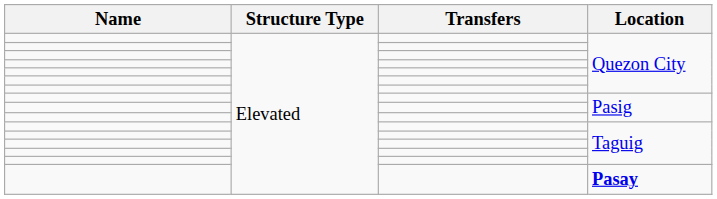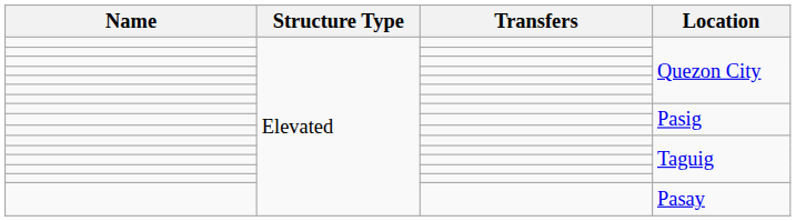 <table class="wikitable">
 <tr>
 <th width="190px">Name</th>
 <th width="120px">Structure Type</th>
 <th width="175px">Transfers</th>
 <th width="100px">Location</th>
 </tr>
 <tr>
 <td><em></em></td>
 <td rowspan="17">Elevated</td>
 <td> </td>
 <td rowspan="7"><a href='#'>Quezon City</a></td>
 </tr>
 <tr>
 <td><em></em></td>
 <td></td>
 </tr>
 <tr>
 <td><em></em></td>
 <td></td>
 </tr>
 <tr>
 <td><em></em></td>
 <td> </td>
 </tr>
 <tr>
 <td><em></em></td>
 <td></td>
 </tr>
 <tr>
 <td><em></em></td>
 <td></td>
 </tr>
 <tr>
 <td><em></em></td>
 <td></td>
 </tr>
 <tr>
 <td><em></em></td>
 <td> </td>
 <td rowspan="3"><a href='#'>Pasig</a></td>
 </tr>
 <tr>
 <td><em></em></td>
 <td></td>
 </tr>
 <tr>
 <td><em></em></td>
 <td></td>
 </tr>
 <tr>
 <td><em></em></td>
 <td></td>
 <td rowspan="5"><a href='#'>Taguig</a></td>
 </tr>
 <tr>
 <td><em></em></td>
 <td></td>
 </tr>
 <tr>
 <td><em></em></td>
 <td></td>
 </tr>
 <tr>
 <td><em></em></td>
 <td></td>
 </tr>
 <tr>
 <td><em></em></td>
 <td> </td>
 </tr>
 <tr>
 <td><em></em></td>
 <td> </td>
-<td><strong><a href='#'>Pasay</a></strong></td>
+<td><a href='#'>Pasay</a></td>
 </tr>
 </table>
